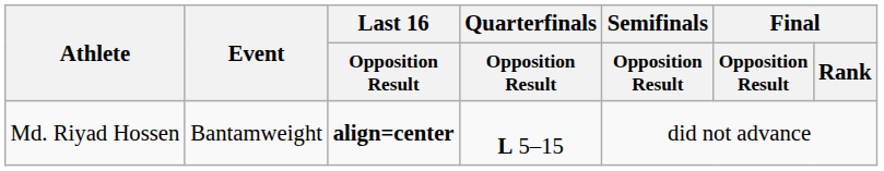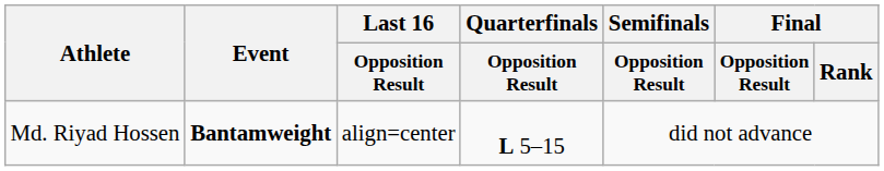 <table class=wikitable style="font-size:90%">
 <tr>
 <th rowspan="2">Athlete</th>
 <th rowspan="2">Event</th>
 <th>Last 16</th>
 <th>Quarterfinals</th>
 <th>Semifinals</th>
 <th colspan="2">Final</th>
 </tr>
 <tr>
 <th style="line-height:1em"><small>Opposition<br>Result</small></th>
 <th style="line-height:1em"><small>Opposition<br>Result</small></th>
 <th style="line-height:1em"><small>Opposition<br>Result</small></th>
 <th style="line-height:1em"><small>Opposition<br>Result</small></th>
 <th>Rank</th>
 </tr>
 <tr>
 <td>Md. Riyad Hossen</td>
-<td>Bantamweight</td>
-<td><strong>align=center </strong></td>
+<td><strong>Bantamweight</strong></td>
+<td>align=center </td>
 <td align=center><br><strong>L</strong> 5–15</td>
 <td style="text-align:center;" colspan="3">did not advance</td>
 </tr>
 </table>
